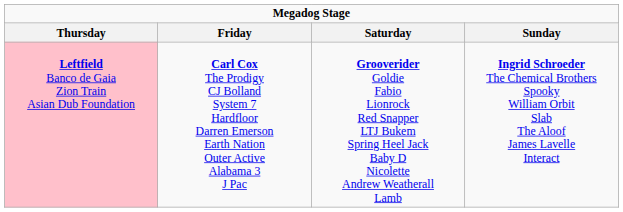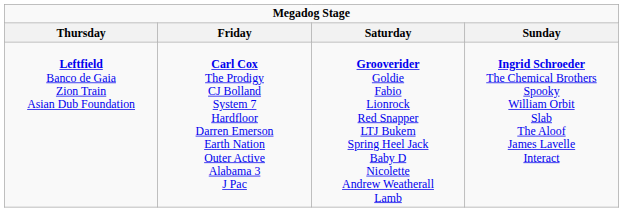 <table class="wikitable">
 <tr>
 <td colspan="4" style="text-align:center;"><strong>Megadog Stage</strong></td>
 </tr>
 <tr>
 <th>Thursday</th>
 <th>Friday</th>
 <th>Saturday</th>
 <th>Sunday</th>
 </tr>
 <tr>
-<td style="background: pink; text-align:center; vertical-align:top; width:200px;"><br><strong><a href='#'>Leftfield</a></strong><br> <a href='#'>Banco de Gaia</a><br> <a href='#'>Zion Train</a><br> <a href='#'>Asian Dub Foundation</a></td>
+<td style="text-align:center; vertical-align:top; width:200px;"><br><strong><a href='#'>Leftfield</a></strong><br> <a href='#'>Banco de Gaia</a><br> <a href='#'>Zion Train</a><br> <a href='#'>Asian Dub Foundation</a></td>
 <td style="text-align:center; vertical-align:top; width:200px;"><br><strong><a href='#'>Carl Cox</a></strong><br> <a href='#'>The Prodigy</a><br> <a href='#'>CJ Bolland</a><br> <a href='#'>System 7</a><br> <a href='#'>Hardfloor</a><br> <a href='#'>Darren Emerson</a><br> <a href='#'>Earth Nation</a><br> <a href='#'>Outer Active</a><br> <a href='#'>Alabama 3</a><br> <a href='#'>J Pac</a></td>
 <td style="text-align:center; vertical-align:top; width:200px;"><br><strong><a href='#'>Grooverider</a></strong><br> <a href='#'>Goldie</a><br> <a href='#'>Fabio</a><br> <a href='#'>Lionrock</a><br> <a href='#'>Red Snapper</a><br> <a href='#'>LTJ Bukem</a><br> <a href='#'>Spring Heel Jack</a><br> <a href='#'>Baby D</a><br> <a href='#'>Nicolette</a><br> <a href='#'>Andrew Weatherall</a><br> <a href='#'>Lamb</a></td>
 <td style="text-align:center; vertical-align:top; width:200px;"><br><strong><a href='#'>Ingrid Schroeder</a></strong><br> <a href='#'>The Chemical Brothers</a><br> <a href='#'>Spooky</a><br> <a href='#'>William Orbit</a><br> <a href='#'>Slab</a><br> <a href='#'>The Aloof</a><br> <a href='#'>James Lavelle</a><br> <a href='#'>Interact</a></td>
 </tr>
 </table>
